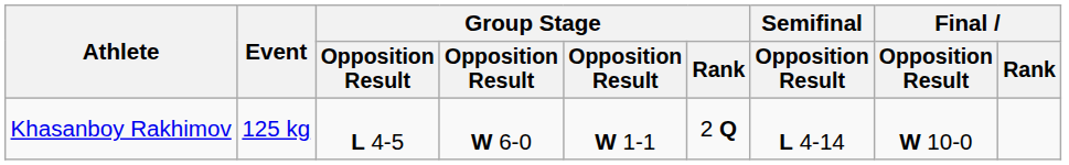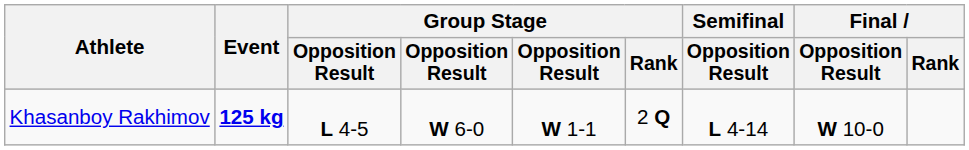 <table class=wikitable style=font-size:90%;text-align:center>
 <tr>
 <th rowspan=2>Athlete</th>
 <th rowspan=2>Event</th>
 <th colspan=4>Group Stage</th>
 <th>Semifinal</th>
 <th colspan=2>Final / </th>
 </tr>
 <tr style=font-size:95%>
 <th>Opposition<br>Result</th>
 <th>Opposition<br>Result</th>
 <th>Opposition<br>Result</th>
 <th>Rank</th>
 <th>Opposition<br>Result</th>
 <th>Opposition<br>Result</th>
 <th>Rank</th>
 </tr>
 <tr>
 <td align=left><a href='#'>Khasanboy Rakhimov</a></td>
-<td align=left><a href='#'>125 kg</a></td>
+<td align=left><strong><a href='#'>125 kg</a></strong></td>
 <td><br><strong>L</strong> 4-5</td>
 <td><br><strong>W</strong> 6-0</td>
 <td><br><strong>W</strong> 1-1</td>
 <td>2 <strong>Q</strong></td>
 <td><br><strong>L</strong> 4-14</td>
 <td><br><strong>W</strong> 10-0</td>
 <td></td>
 </tr>
 </table>
